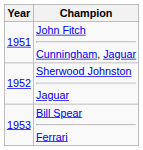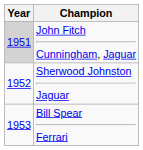 <table class="wikitable" style="font-size: 90%;">
 <tr>
 <th>Year</th>
 <th>Champion</th>
 </tr>
 <tr>
-<td><a href='#'>1951</a></td>
+<td style="background: lightgrey;"><a href='#'>1951</a></td>
 <td> <a href='#'>John Fitch</a><hr><a href='#'>Cunningham</a>, <a href='#'>Jaguar</a></td>
 </tr>
 <tr>
 <td><a href='#'>1952</a></td>
 <td> <a href='#'>Sherwood Johnston</a><hr><a href='#'>Jaguar</a></td>
 </tr>
 <tr>
 <td><a href='#'>1953</a></td>
 <td> <a href='#'>Bill Spear</a><hr><a href='#'>Ferrari</a></td>
 </tr>
 </table>
